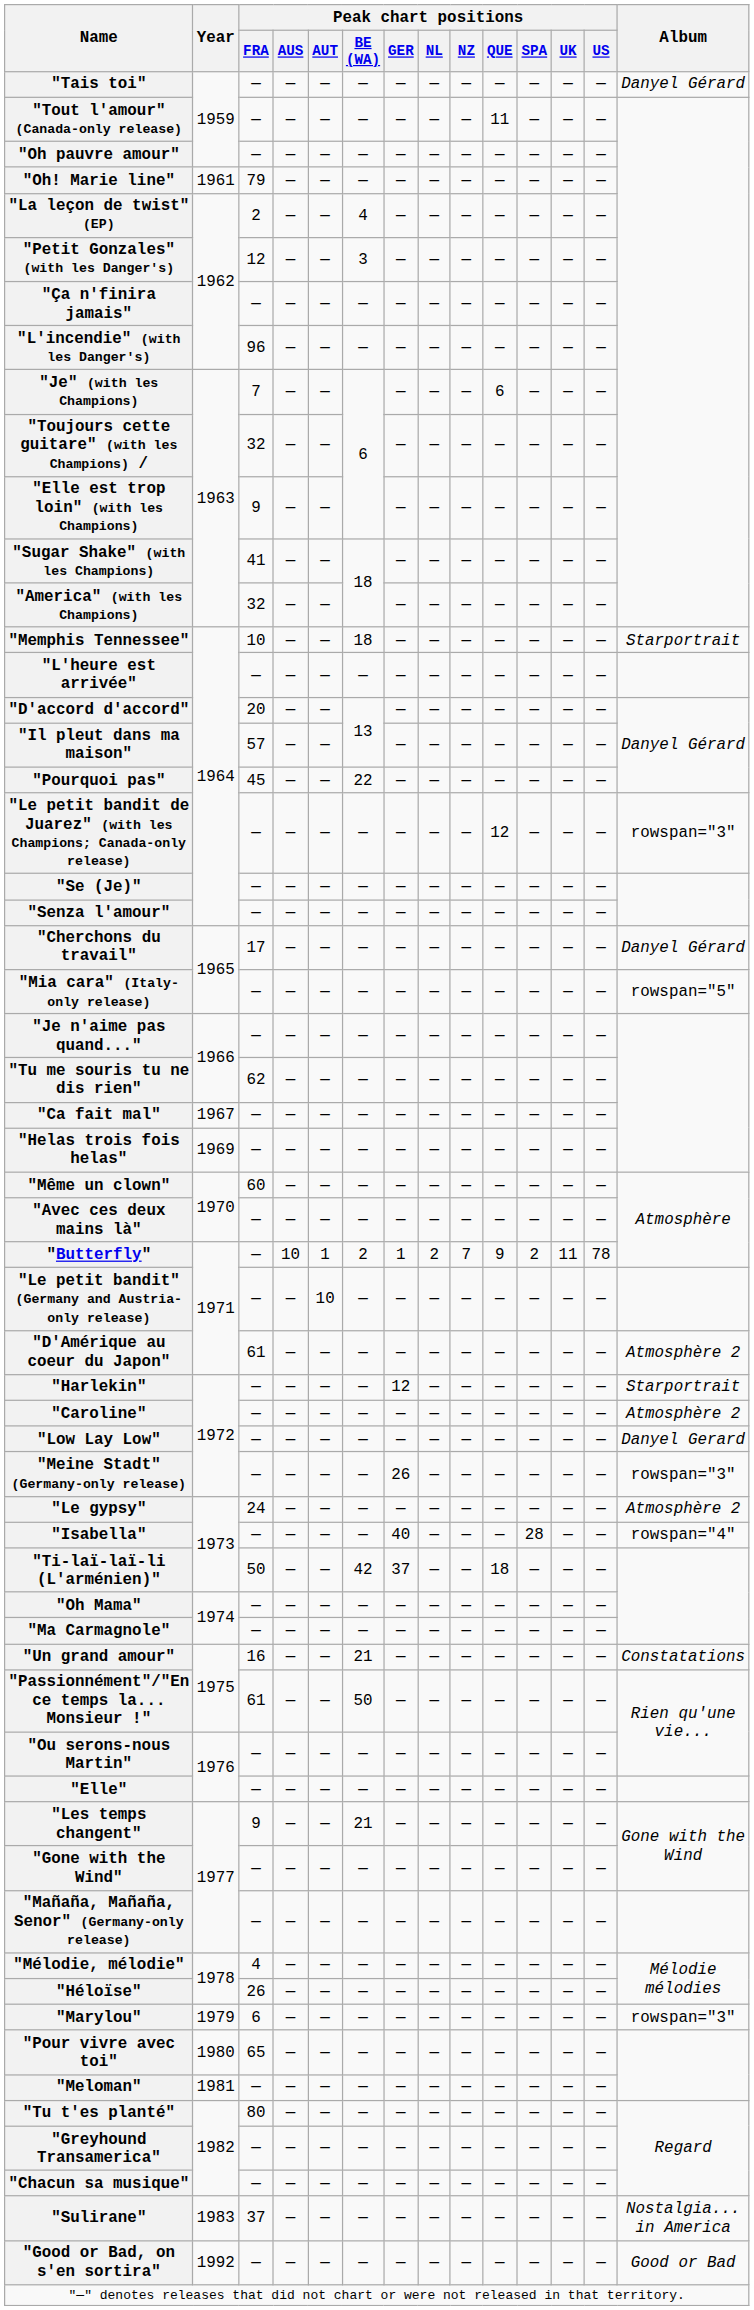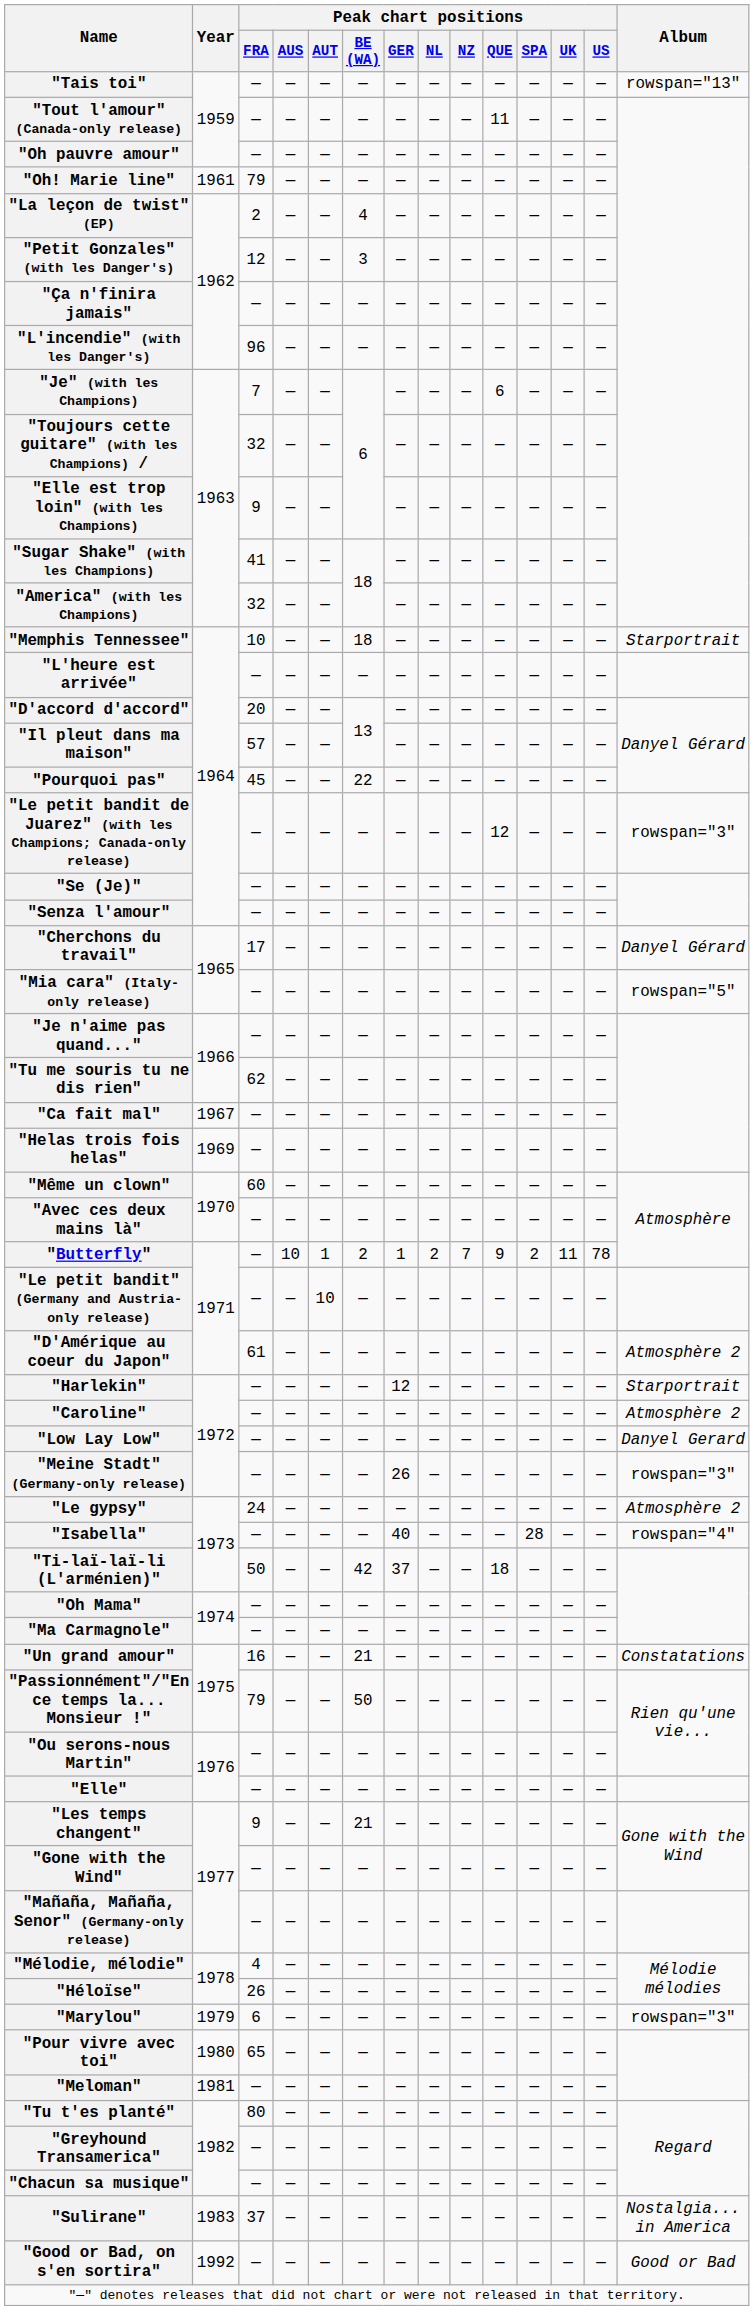 <table class="wikitable plainrowheaders" style="text-align:center;" border="1">
 <tr>
 <th rowspan="2">Name</th>
 <th rowspan="2" style="width:2em;">Year</th>
 <th colspan="11">Peak chart positions</th>
 <th rowspan="2">Album</th>
 </tr>
 <tr>
 <th scope="col" style="width:2em;font-size:90%;"><a href='#'>FRA</a><br></th>
 <th scope="col" style="width:2em;font-size:90%;"><a href='#'>AUS</a><br></th>
 <th scope="col" style="width:2em;font-size:90%;"><a href='#'>AUT</a><br></th>
 <th scope="col" style="width:2em;font-size:90%;"><a href='#'>BE (WA)</a><br></th>
 <th scope="col" style="width:2em;font-size:90%;"><a href='#'>GER</a><br></th>
 <th scope="col" style="width:2em;font-size:90%;"><a href='#'>NL</a><br></th>
 <th scope="col" style="width:2em;font-size:90%;"><a href='#'>NZ</a><br></th>
 <th scope="col" style="width:2em;font-size:90%;"><a href='#'>QUE</a><br></th>
 <th scope="col" style="width:2em;font-size:90%;"><a href='#'>SPA</a><br></th>
 <th scope="col" style="width:2em;font-size:90%;"><a href='#'>UK</a><br></th>
 <th scope="col" style="width:2em;font-size:90%;"><a href='#'>US</a><br></th>
 </tr>
 <tr>
 <th scope="row">"Tais toi"</th>
 <td rowspan="3">1959</td>
 <td>—</td>
 <td>—</td>
 <td>—</td>
 <td>—</td>
 <td>—</td>
 <td>—</td>
 <td>—</td>
 <td>—</td>
 <td>—</td>
 <td>—</td>
 <td>—</td>
-<td><em>Danyel Gérard</em></td>
+<td>rowspan="13" </td>
 </tr>
 <tr>
 <th scope="row">"Tout l'amour" <small>(Canada-only release)</small></th>
 <td>—</td>
 <td>—</td>
 <td>—</td>
 <td>—</td>
 <td>—</td>
 <td>—</td>
 <td>—</td>
 <td>11</td>
 <td>—</td>
 <td>—</td>
 <td>—</td>
 </tr>
 <tr>
 <th scope="row">"Oh pauvre amour"</th>
 <td>—</td>
 <td>—</td>
 <td>—</td>
 <td>—</td>
 <td>—</td>
 <td>—</td>
 <td>—</td>
 <td>—</td>
 <td>—</td>
 <td>—</td>
 <td>—</td>
 </tr>
 <tr>
 <th scope="row">"Oh! Marie line"</th>
 <td>1961</td>
 <td>79</td>
 <td>—</td>
 <td>—</td>
 <td>—</td>
 <td>—</td>
 <td>—</td>
 <td>—</td>
 <td>—</td>
 <td>—</td>
 <td>—</td>
 <td>—</td>
 </tr>
 <tr>
 <th scope="row">"La leçon de twist" <small>(EP)</small></th>
 <td rowspan="4">1962</td>
 <td>2</td>
 <td>—</td>
 <td>—</td>
 <td>4</td>
 <td>—</td>
 <td>—</td>
 <td>—</td>
 <td>—</td>
 <td>—</td>
 <td>—</td>
 <td>—</td>
 </tr>
 <tr>
 <th scope="row">"Petit Gonzales" <small>(with les Danger's)</small></th>
 <td>12</td>
 <td>—</td>
 <td>—</td>
 <td>3</td>
 <td>—</td>
 <td>—</td>
 <td>—</td>
 <td>—</td>
 <td>—</td>
 <td>—</td>
 <td>—</td>
 </tr>
 <tr>
 <th scope="row">"Ça n'finira jamais"</th>
 <td>—</td>
 <td>—</td>
 <td>—</td>
 <td>—</td>
 <td>—</td>
 <td>—</td>
 <td>—</td>
 <td>—</td>
 <td>—</td>
 <td>—</td>
 <td>—</td>
 </tr>
 <tr>
 <th scope="row">"L'incendie" <small>(with les Danger's)</small></th>
 <td align="center" valign="center">96</td>
 <td>—</td>
 <td>—</td>
 <td>—</td>
 <td>—</td>
 <td>—</td>
 <td>—</td>
 <td>—</td>
 <td>—</td>
 <td>—</td>
 <td>—</td>
 </tr>
 <tr>
 <th scope="row">"Je" <small>(with les Champions)</small></th>
 <td rowspan="5">1963</td>
 <td>7</td>
 <td>—</td>
 <td>—</td>
 <td rowspan="3">6</td>
 <td>—</td>
 <td>—</td>
 <td>—</td>
 <td>6</td>
 <td>—</td>
 <td>—</td>
 <td>—</td>
 </tr>
 <tr>
 <th scope="row">"Toujours cette guitare" <small>(with les Champions)</small> /</th>
 <td>32</td>
 <td>—</td>
 <td>—</td>
 <td>—</td>
 <td>—</td>
 <td>—</td>
 <td>—</td>
 <td>—</td>
 <td>—</td>
 <td>—</td>
 </tr>
 <tr>
 <th scope="row">"Elle est trop loin" <small>(with les Champions)</small></th>
 <td>9</td>
 <td>—</td>
 <td>—</td>
 <td>—</td>
 <td>—</td>
 <td>—</td>
 <td>—</td>
 <td>—</td>
 <td>—</td>
 <td>—</td>
 </tr>
 <tr>
 <th scope="row">"Sugar Shake" <small>(with les Champions)</small></th>
 <td>41</td>
 <td>—</td>
 <td>—</td>
 <td rowspan="2">18</td>
 <td>—</td>
 <td>—</td>
 <td>—</td>
 <td>—</td>
 <td>—</td>
 <td>—</td>
 <td>—</td>
 </tr>
 <tr>
 <th scope="row">"America" <small>(with les Champions)</small></th>
 <td>32</td>
 <td>—</td>
 <td>—</td>
 <td>—</td>
 <td>—</td>
 <td>—</td>
 <td>—</td>
 <td>—</td>
 <td>—</td>
 <td>—</td>
 </tr>
 <tr>
 <th scope="row">"Memphis Tennessee"</th>
 <td rowspan="8">1964</td>
 <td>10</td>
 <td>—</td>
 <td>—</td>
 <td>18</td>
 <td>—</td>
 <td>—</td>
 <td>—</td>
 <td>—</td>
 <td>—</td>
 <td>—</td>
 <td>—</td>
 <td><em>Starportrait</em></td>
 </tr>
 <tr>
 <th scope="row">"L'heure est arrivée"</th>
 <td>—</td>
 <td>—</td>
 <td>—</td>
 <td>—</td>
 <td>—</td>
 <td>—</td>
 <td>—</td>
 <td>—</td>
 <td>—</td>
 <td>—</td>
 <td>—</td>
 <td></td>
 </tr>
 <tr>
 <th scope="row">"D'accord d'accord"</th>
 <td>20</td>
 <td>—</td>
 <td>—</td>
 <td rowspan="2">13</td>
 <td>—</td>
 <td>—</td>
 <td>—</td>
 <td>—</td>
 <td>—</td>
 <td>—</td>
 <td>—</td>
 <td rowspan="3"><em>Danyel Gérard</em></td>
 </tr>
 <tr>
 <th scope="row">"Il pleut dans ma maison"</th>
 <td>57</td>
 <td>—</td>
 <td>—</td>
 <td>—</td>
 <td>—</td>
 <td>—</td>
 <td>—</td>
 <td>—</td>
 <td>—</td>
 <td>—</td>
 </tr>
 <tr>
 <th scope="row">"Pourquoi pas"</th>
 <td>45</td>
 <td>—</td>
 <td>—</td>
 <td>22</td>
 <td>—</td>
 <td>—</td>
 <td>—</td>
 <td>—</td>
 <td>—</td>
 <td>—</td>
 <td>—</td>
 </tr>
 <tr>
 <th scope="row">"Le petit bandit de Juarez" <small>(with les Champions; Canada-only release)</small></th>
 <td>—</td>
 <td>—</td>
 <td>—</td>
 <td>—</td>
 <td>—</td>
 <td>—</td>
 <td>—</td>
 <td>12</td>
 <td>—</td>
 <td>—</td>
 <td>—</td>
 <td>rowspan="3" </td>
 </tr>
 <tr>
 <th scope="row">"Se (Je)"</th>
 <td>—</td>
 <td>—</td>
 <td>—</td>
 <td>—</td>
 <td>—</td>
 <td>—</td>
 <td>—</td>
 <td>—</td>
 <td>—</td>
 <td>—</td>
 <td>—</td>
 </tr>
 <tr>
 <th scope="row">"Senza l'amour"</th>
 <td>—</td>
 <td>—</td>
 <td>—</td>
 <td>—</td>
 <td>—</td>
 <td>—</td>
 <td>—</td>
 <td>—</td>
 <td>—</td>
 <td>—</td>
 <td>—</td>
 </tr>
 <tr>
 <th scope="row">"Cherchons du travail"</th>
 <td rowspan="2">1965</td>
 <td>17</td>
 <td>—</td>
 <td>—</td>
 <td>—</td>
 <td>—</td>
 <td>—</td>
 <td>—</td>
 <td>—</td>
 <td>—</td>
 <td>—</td>
 <td>—</td>
 <td><em>Danyel Gérard</em></td>
 </tr>
 <tr>
 <th scope="row">"Mia cara" <small>(Italy-only release)</small></th>
 <td>—</td>
 <td>—</td>
 <td>—</td>
 <td>—</td>
 <td>—</td>
 <td>—</td>
 <td>—</td>
 <td>—</td>
 <td>—</td>
 <td>—</td>
 <td>—</td>
 <td>rowspan="5" </td>
 </tr>
 <tr>
 <th scope="row">"Je n'aime pas quand..."</th>
 <td rowspan="2">1966</td>
 <td>—</td>
 <td>—</td>
 <td>—</td>
 <td>—</td>
 <td>—</td>
 <td>—</td>
 <td>—</td>
 <td>—</td>
 <td>—</td>
 <td>—</td>
 <td>—</td>
 </tr>
 <tr>
 <th scope="row">"Tu me souris tu ne dis rien"</th>
 <td>62</td>
 <td>—</td>
 <td>—</td>
 <td>—</td>
 <td>—</td>
 <td>—</td>
 <td>—</td>
 <td>—</td>
 <td>—</td>
 <td>—</td>
 <td>—</td>
 </tr>
 <tr>
 <th scope="row">"Ca fait mal"</th>
 <td>1967</td>
 <td>—</td>
 <td>—</td>
 <td>—</td>
 <td>—</td>
 <td>—</td>
 <td>—</td>
 <td>—</td>
 <td>—</td>
 <td>—</td>
 <td>—</td>
 <td>—</td>
 </tr>
 <tr>
 <th scope="row">"Helas trois fois helas"</th>
 <td>1969</td>
 <td>—</td>
 <td>—</td>
 <td>—</td>
 <td>—</td>
 <td>—</td>
 <td>—</td>
 <td>—</td>
 <td>—</td>
 <td>—</td>
 <td>—</td>
 <td>—</td>
 </tr>
 <tr>
 <th scope="row">"Même un clown"</th>
 <td rowspan="2">1970</td>
 <td>60</td>
 <td>—</td>
 <td>—</td>
 <td>—</td>
 <td>—</td>
 <td>—</td>
 <td>—</td>
 <td>—</td>
 <td>—</td>
 <td>—</td>
 <td>—</td>
 <td rowspan="3"><em>Atmosphère</em></td>
 </tr>
 <tr>
 <th scope="row">"Avec ces deux mains là"</th>
 <td>—</td>
 <td>—</td>
 <td>—</td>
 <td>—</td>
 <td>—</td>
 <td>—</td>
 <td>—</td>
 <td>—</td>
 <td>—</td>
 <td>—</td>
 <td>—</td>
 </tr>
 <tr>
 <th scope="row">"<a href='#'>Butterfly</a>"</th>
 <td rowspan="3">1971</td>
 <td>—</td>
 <td>10</td>
 <td>1</td>
 <td>2</td>
 <td>1</td>
 <td>2</td>
 <td>7</td>
 <td>9</td>
 <td>2</td>
 <td>11</td>
 <td>78</td>
 </tr>
 <tr>
 <th scope="row">"Le petit bandit" <small>(Germany and Austria-only release)</small></th>
 <td>—</td>
 <td>—</td>
 <td>10</td>
 <td>—</td>
 <td>—</td>
 <td>—</td>
 <td>—</td>
 <td>—</td>
 <td>—</td>
 <td>—</td>
 <td>—</td>
 <td></td>
 </tr>
 <tr>
 <th scope="row">"D'Amérique au coeur du Japon"</th>
 <td>61</td>
 <td>—</td>
 <td>—</td>
 <td>—</td>
 <td>—</td>
 <td>—</td>
 <td>—</td>
 <td>—</td>
 <td>—</td>
 <td>—</td>
 <td>—</td>
 <td><em>Atmosphère 2</em></td>
 </tr>
 <tr>
 <th scope="row">"Harlekin"</th>
 <td rowspan="4">1972</td>
 <td>—</td>
 <td>—</td>
 <td>—</td>
 <td>—</td>
 <td>12</td>
 <td>—</td>
 <td>—</td>
 <td>—</td>
 <td>—</td>
 <td>—</td>
 <td>—</td>
 <td><em>Starportrait</em></td>
 </tr>
 <tr>
 <th scope="row">"Caroline"</th>
 <td>—</td>
 <td>—</td>
 <td>—</td>
 <td>—</td>
 <td>—</td>
 <td>—</td>
 <td>—</td>
 <td>—</td>
 <td>—</td>
 <td>—</td>
 <td>—</td>
 <td><em>Atmosphère 2</em></td>
 </tr>
 <tr>
 <th scope="row">"Low Lay Low"</th>
 <td>—</td>
 <td>—</td>
 <td>—</td>
 <td>—</td>
 <td>—</td>
 <td>—</td>
 <td>—</td>
 <td>—</td>
 <td>—</td>
 <td>—</td>
 <td>—</td>
 <td><em>Danyel Gerard</em></td>
 </tr>
 <tr>
 <th scope="row">"Meine Stadt" <small>(Germany-only release)</small></th>
 <td>—</td>
 <td>—</td>
 <td>—</td>
 <td>—</td>
 <td>26</td>
 <td>—</td>
 <td>—</td>
 <td>—</td>
 <td>—</td>
 <td>—</td>
 <td>—</td>
 <td>rowspan="3" </td>
 </tr>
 <tr>
 <th scope="row">"Le gypsy"</th>
 <td rowspan="3">1973</td>
 <td>24</td>
 <td>—</td>
 <td>—</td>
 <td>—</td>
 <td>—</td>
 <td>—</td>
 <td>—</td>
 <td>—</td>
 <td>—</td>
 <td>—</td>
 <td>—</td>
 <td><em>Atmosphère 2</em></td>
 </tr>
 <tr>
 <th scope="row">"Isabella"</th>
 <td>—</td>
 <td>—</td>
 <td>—</td>
 <td>—</td>
 <td>40</td>
 <td>—</td>
 <td>—</td>
 <td>—</td>
 <td>28</td>
 <td>—</td>
 <td>—</td>
 <td>rowspan="4" </td>
 </tr>
 <tr>
 <th scope="row">"Ti-laï-laï-li (L'arménien)"</th>
 <td>50</td>
 <td>—</td>
 <td>—</td>
 <td>42</td>
 <td>37</td>
 <td>—</td>
 <td>—</td>
 <td>18</td>
 <td>—</td>
 <td>—</td>
 <td>—</td>
 </tr>
 <tr>
 <th scope="row">"Oh Mama"</th>
 <td rowspan="2">1974</td>
 <td>—</td>
 <td>—</td>
 <td>—</td>
 <td>—</td>
 <td>—</td>
 <td>—</td>
 <td>—</td>
 <td>—</td>
 <td>—</td>
 <td>—</td>
 <td>—</td>
 </tr>
 <tr>
 <th scope="row">"Ma Carmagnole"</th>
 <td>—</td>
 <td>—</td>
 <td>—</td>
 <td>—</td>
 <td>—</td>
 <td>—</td>
 <td>—</td>
 <td>—</td>
 <td>—</td>
 <td>—</td>
 <td>—</td>
 </tr>
 <tr>
 <th scope="row">"Un grand amour"</th>
 <td rowspan="2">1975</td>
 <td>16</td>
 <td>—</td>
 <td>—</td>
 <td>21</td>
 <td>—</td>
 <td>—</td>
 <td>—</td>
 <td>—</td>
 <td>—</td>
 <td>—</td>
 <td>—</td>
 <td><em>Constatations</em></td>
 </tr>
 <tr>
 <th scope="row">"Passionnément"/"En ce temps la... Monsieur !"</th>
-<td>61</td>
+<td>79</td>
 <td>—</td>
 <td>—</td>
 <td>50</td>
 <td>—</td>
 <td>—</td>
 <td>—</td>
 <td>—</td>
 <td>—</td>
 <td>—</td>
 <td>—</td>
 <td rowspan="2"><em>Rien qu'une vie...</em></td>
 </tr>
 <tr>
 <th scope="row">"Ou serons-nous Martin"</th>
 <td rowspan="2">1976</td>
 <td>—</td>
 <td>—</td>
 <td>—</td>
 <td>—</td>
 <td>—</td>
 <td>—</td>
 <td>—</td>
 <td>—</td>
 <td>—</td>
 <td>—</td>
 <td>—</td>
 </tr>
 <tr>
 <th scope="row">"Elle"</th>
 <td>—</td>
 <td>—</td>
 <td>—</td>
 <td>—</td>
 <td>—</td>
 <td>—</td>
 <td>—</td>
 <td>—</td>
 <td>—</td>
 <td>—</td>
 <td>—</td>
 <td></td>
 </tr>
 <tr>
 <th scope="row">"Les temps changent"</th>
 <td rowspan="3">1977</td>
 <td>9</td>
 <td>—</td>
 <td>—</td>
 <td>21</td>
 <td>—</td>
 <td>—</td>
 <td>—</td>
 <td>—</td>
 <td>—</td>
 <td>—</td>
 <td>—</td>
 <td rowspan="2"><em>Gone with the Wind</em></td>
 </tr>
 <tr>
 <th scope="row">"Gone with the Wind"</th>
 <td>—</td>
 <td>—</td>
 <td>—</td>
 <td>—</td>
 <td>—</td>
 <td>—</td>
 <td>—</td>
 <td>—</td>
 <td>—</td>
 <td>—</td>
 <td>—</td>
 </tr>
 <tr>
 <th scope="row">"Mañaña, Mañaña, Senor" <small>(Germany-only release)</small></th>
 <td>—</td>
 <td>—</td>
 <td>—</td>
 <td>—</td>
 <td>—</td>
 <td>—</td>
 <td>—</td>
 <td>—</td>
 <td>—</td>
 <td>—</td>
 <td>—</td>
 <td></td>
 </tr>
 <tr>
 <th scope="row">"Mélodie, mélodie"</th>
 <td rowspan="2">1978</td>
 <td>4</td>
 <td>—</td>
 <td>—</td>
 <td>—</td>
 <td>—</td>
 <td>—</td>
 <td>—</td>
 <td>—</td>
 <td>—</td>
 <td>—</td>
 <td>—</td>
 <td rowspan="2"><em>Mélodie mélodies</em></td>
 </tr>
 <tr>
 <th scope="row">"Héloïse"</th>
 <td>26</td>
 <td>—</td>
 <td>—</td>
 <td>—</td>
 <td>—</td>
 <td>—</td>
 <td>—</td>
 <td>—</td>
 <td>—</td>
 <td>—</td>
 <td>—</td>
 </tr>
 <tr>
 <th scope="row">"Marylou"</th>
 <td>1979</td>
 <td>6</td>
 <td>—</td>
 <td>—</td>
 <td>—</td>
 <td>—</td>
 <td>—</td>
 <td>—</td>
 <td>—</td>
 <td>—</td>
 <td>—</td>
 <td>—</td>
 <td>rowspan="3" </td>
 </tr>
 <tr>
 <th scope="row">"Pour vivre avec toi"</th>
 <td>1980</td>
 <td>65</td>
 <td>—</td>
 <td>—</td>
 <td>—</td>
 <td>—</td>
 <td>—</td>
 <td>—</td>
 <td>—</td>
 <td>—</td>
 <td>—</td>
 <td>—</td>
 </tr>
 <tr>
 <th scope="row">"Meloman"</th>
 <td>1981</td>
 <td>—</td>
 <td>—</td>
 <td>—</td>
 <td>—</td>
 <td>—</td>
 <td>—</td>
 <td>—</td>
 <td>—</td>
 <td>—</td>
 <td>—</td>
 <td>—</td>
 </tr>
 <tr>
 <th scope="row">"Tu t'es planté"</th>
 <td rowspan="3">1982</td>
 <td>80</td>
 <td>—</td>
 <td>—</td>
 <td>—</td>
 <td>—</td>
 <td>—</td>
 <td>—</td>
 <td>—</td>
 <td>—</td>
 <td>—</td>
 <td>—</td>
 <td rowspan="3"><em>Regard</em></td>
 </tr>
 <tr>
 <th scope="row">"Greyhound Transamerica"</th>
 <td>—</td>
 <td>—</td>
 <td>—</td>
 <td>—</td>
 <td>—</td>
 <td>—</td>
 <td>—</td>
 <td>—</td>
 <td>—</td>
 <td>—</td>
 <td>—</td>
 </tr>
 <tr>
 <th scope="row">"Chacun sa musique"</th>
 <td>—</td>
 <td>—</td>
 <td>—</td>
 <td>—</td>
 <td>—</td>
 <td>—</td>
 <td>—</td>
 <td>—</td>
 <td>—</td>
 <td>—</td>
 <td>—</td>
 </tr>
 <tr>
 <th scope="row">"Sulirane"</th>
 <td>1983</td>
 <td>37</td>
 <td>—</td>
 <td>—</td>
 <td>—</td>
 <td>—</td>
 <td>—</td>
 <td>—</td>
 <td>—</td>
 <td>—</td>
 <td>—</td>
 <td>—</td>
 <td><em>Nostalgia... in America</em></td>
 </tr>
 <tr>
 <th scope="row">"Good or Bad, on s'en sortira"</th>
 <td>1992</td>
 <td>—</td>
 <td>—</td>
 <td>—</td>
 <td>—</td>
 <td>—</td>
 <td>—</td>
 <td>—</td>
 <td>—</td>
 <td>—</td>
 <td>—</td>
 <td>—</td>
 <td><em>Good or Bad</em></td>
 </tr>
 <tr>
 <td colspan="14" style="font-size:8pt">"—" denotes releases that did not chart or were not released in that territory.</td>
 </tr>
 </table>
